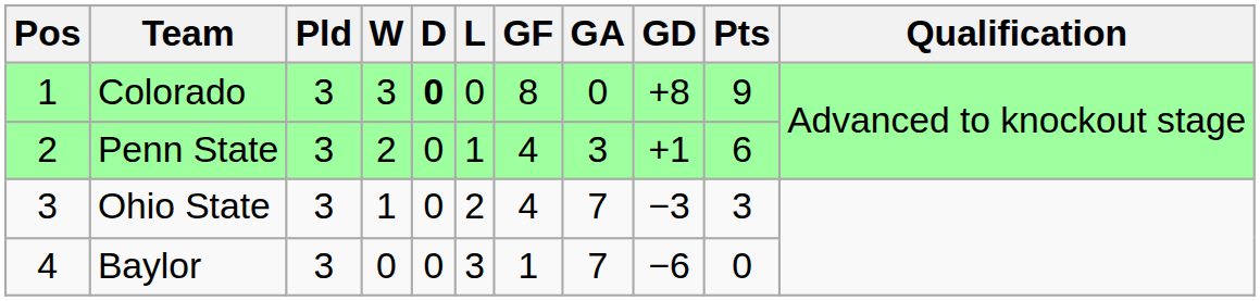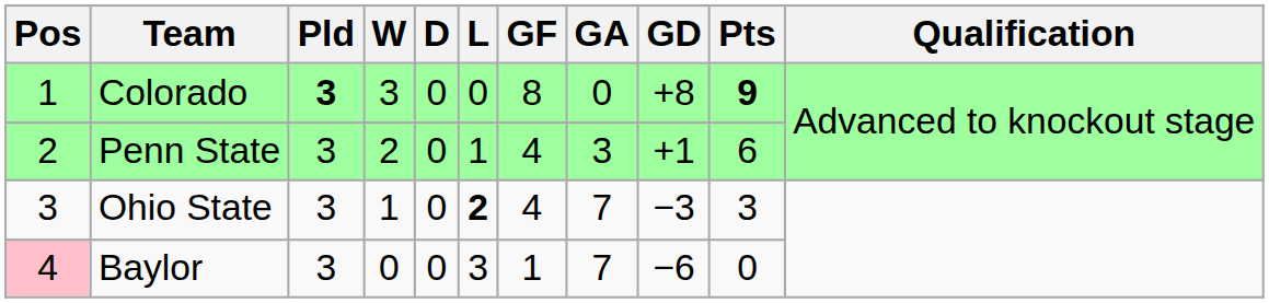 <table class="wikitable" style="text-align:center">
 <tr>
 <th>Pos</th>
 <th>Team</th>
 <th>Pld</th>
 <th>W</th>
 <th>D</th>
 <th>L</th>
 <th>GF</th>
 <th>GA</th>
 <th>GD</th>
 <th>Pts</th>
 <th>Qualification</th>
 </tr>
 <tr bgcolor="#9eff9e">
 <td>1</td>
 <td style="text-align:left">Colorado</td>
+<td><strong>3</strong></td>
 <td>3</td>
-<td>3</td>
-<td><strong>0</strong></td>
+<td>0</td>
 <td>0</td>
 <td>8</td>
 <td>0</td>
 <td>+8</td>
-<td>9</td>
+<td><strong>9</strong></td>
 <td rowspan="2">Advanced to knockout stage</td>
 </tr>
 <tr bgcolor="#9eff9e">
 <td>2</td>
 <td style="text-align:left">Penn State</td>
 <td>3</td>
 <td>2</td>
 <td>0</td>
 <td>1</td>
 <td>4</td>
 <td>3</td>
 <td>+1</td>
 <td>6</td>
 </tr>
 <tr>
 <td>3</td>
 <td style="text-align:left">Ohio State</td>
 <td>3</td>
 <td>1</td>
 <td>0</td>
-<td>2</td>
+<td><strong>2</strong></td>
 <td>4</td>
 <td>7</td>
 <td>−3</td>
 <td>3</td>
 <td rowspan="2"></td>
 </tr>
 <tr>
-<td>4</td>
+<td style="background: pink;">4</td>
 <td style="text-align:left">Baylor</td>
 <td>3</td>
 <td>0</td>
 <td>0</td>
 <td>3</td>
 <td>1</td>
 <td>7</td>
 <td>−6</td>
 <td>0</td>
 </tr>
 </table>
